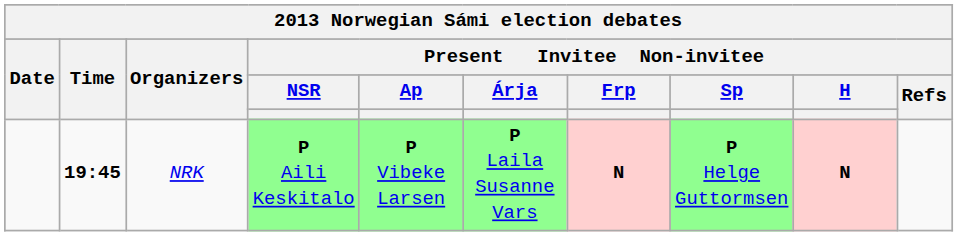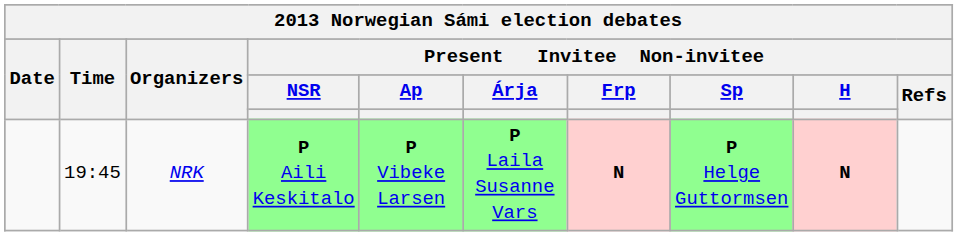 <table class="wikitable" style="font-size:85%; line-height:15px; text-align:center;">
 <tr>
 <th colspan="11">2013 Norwegian Sámi election debates</th>
 </tr>
 <tr>
 <th rowspan="3">Date</th>
 <th rowspan="3">Time</th>
 <th rowspan="3">Organizers</th>
 <th colspan="8"> Present    Invitee  Non-invitee </th>
 </tr>
 <tr>
 <th scope="col" style="width:5em;"><a href='#'>NSR</a></th>
 <th scope="col" style="width:5em;"><a href='#'>Ap</a></th>
 <th scope="col" style="width:5em;"><a href='#'>Árja</a></th>
 <th scope="col" style="width:5em;"><a href='#'>Frp</a></th>
 <th scope="col" style="width:5em;"><a href='#'>Sp</a></th>
 <th scope="col" style="width:5em;"><a href='#'>H</a></th>
 <th rowspan="2">Refs</th>
 </tr>
 <tr>
 <th style="background:"></th>
 <th style="background:"></th>
 <th style="background:"></th>
 <th style="background:"></th>
 <th style="background:"></th>
 <th style="background:"></th>
 </tr>
 <tr>
 <td></td>
-<td><strong>19:45</strong></td>
+<td>19:45</td>
 <td><em><a href='#'>NRK</a></em></td>
 <td style="background:#90FF90"><strong>P</strong><br><a href='#'>Aili Keskitalo</a></td>
 <td style="background:#90FF90"><strong>P</strong><br><a href='#'>Vibeke Larsen</a></td>
 <td style="background:#90FF90"><strong>P</strong><br><a href='#'>Laila Susanne Vars</a></td>
 <td style="background:#FFD0D0"><strong>N</strong><br></td>
 <td style="background:#90FF90"><strong>P</strong><br><a href='#'>Helge Guttormsen</a></td>
 <td style="background:#FFD0D0"><strong>N</strong><br></td>
 <td></td>
 </tr>
 </table>
